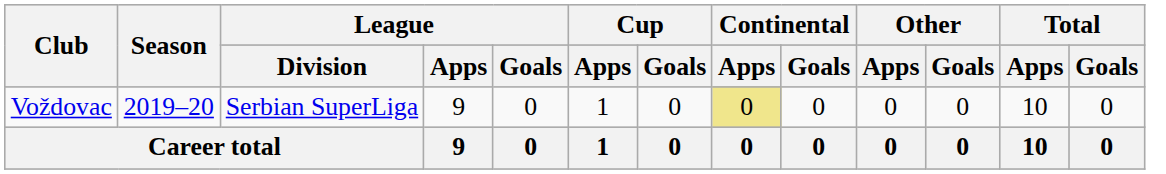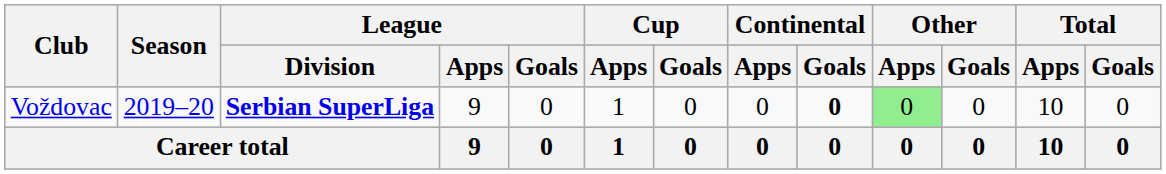 <table class="wikitable" style="text-align: center">
 <tr>
 <th rowspan="2">Club</th>
 <th rowspan="2">Season</th>
 <th colspan="3">League</th>
 <th colspan="2">Cup</th>
 <th colspan="2">Continental</th>
 <th colspan="2">Other</th>
 <th colspan="2">Total</th>
 </tr>
 <tr>
 <th>Division</th>
 <th>Apps</th>
 <th>Goals</th>
 <th>Apps</th>
 <th>Goals</th>
 <th>Apps</th>
 <th>Goals</th>
 <th>Apps</th>
 <th>Goals</th>
 <th>Apps</th>
 <th>Goals</th>
 </tr>
 <tr>
 <td><a href='#'>Voždovac</a></td>
 <td><a href='#'>2019–20</a></td>
-<td><a href='#'>Serbian SuperLiga</a></td>
+<td><strong><a href='#'>Serbian SuperLiga</a></strong></td>
 <td>9</td>
 <td>0</td>
 <td>1</td>
 <td>0</td>
-<td style="background: khaki;">0</td>
 <td>0</td>
-<td>0</td>
+<td><strong>0</strong></td>
+<td style="background: lightgreen;">0</td>
 <td>0</td>
 <td>10</td>
 <td>0</td>
 </tr>
 <tr>
 <th colspan="3">Career total</th>
 <th>9</th>
 <th>0</th>
 <th>1</th>
 <th>0</th>
 <th>0</th>
 <th>0</th>
 <th>0</th>
 <th>0</th>
 <th>10</th>
 <th>0</th>
 </tr>
 </table>
